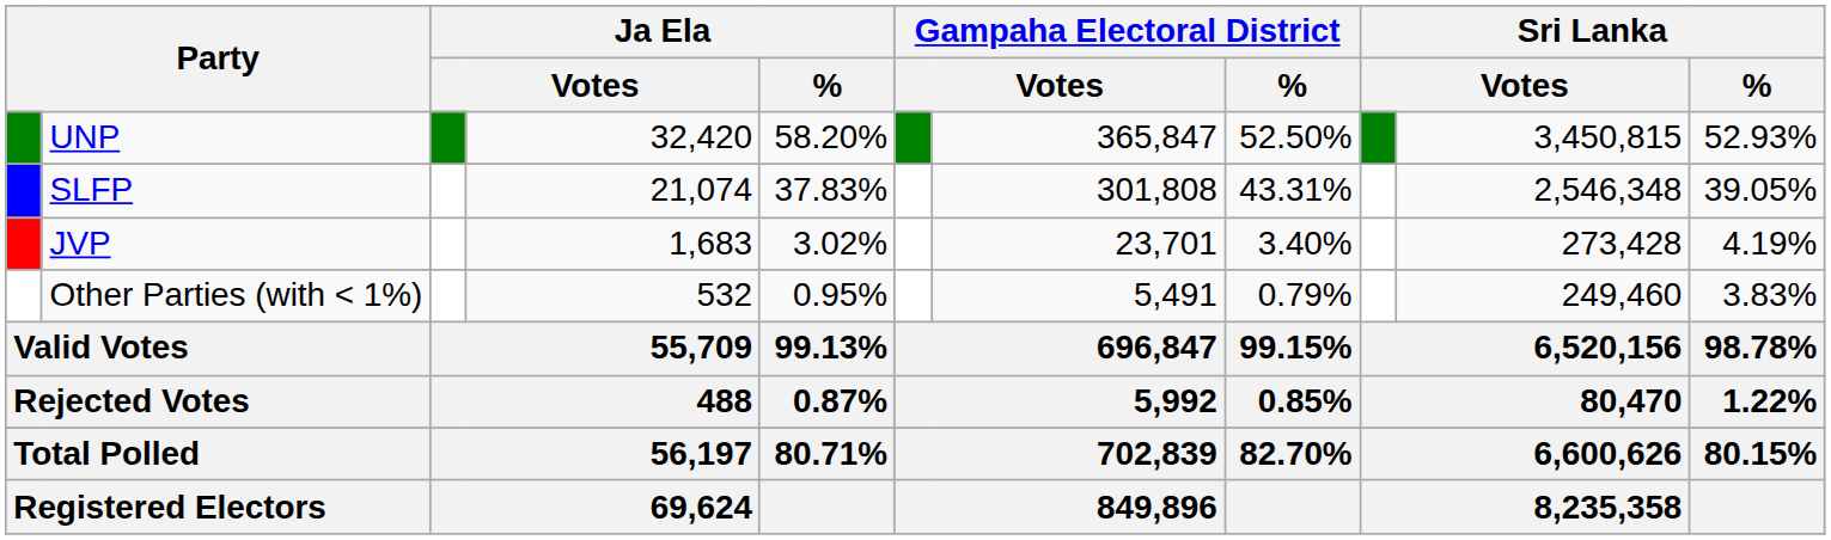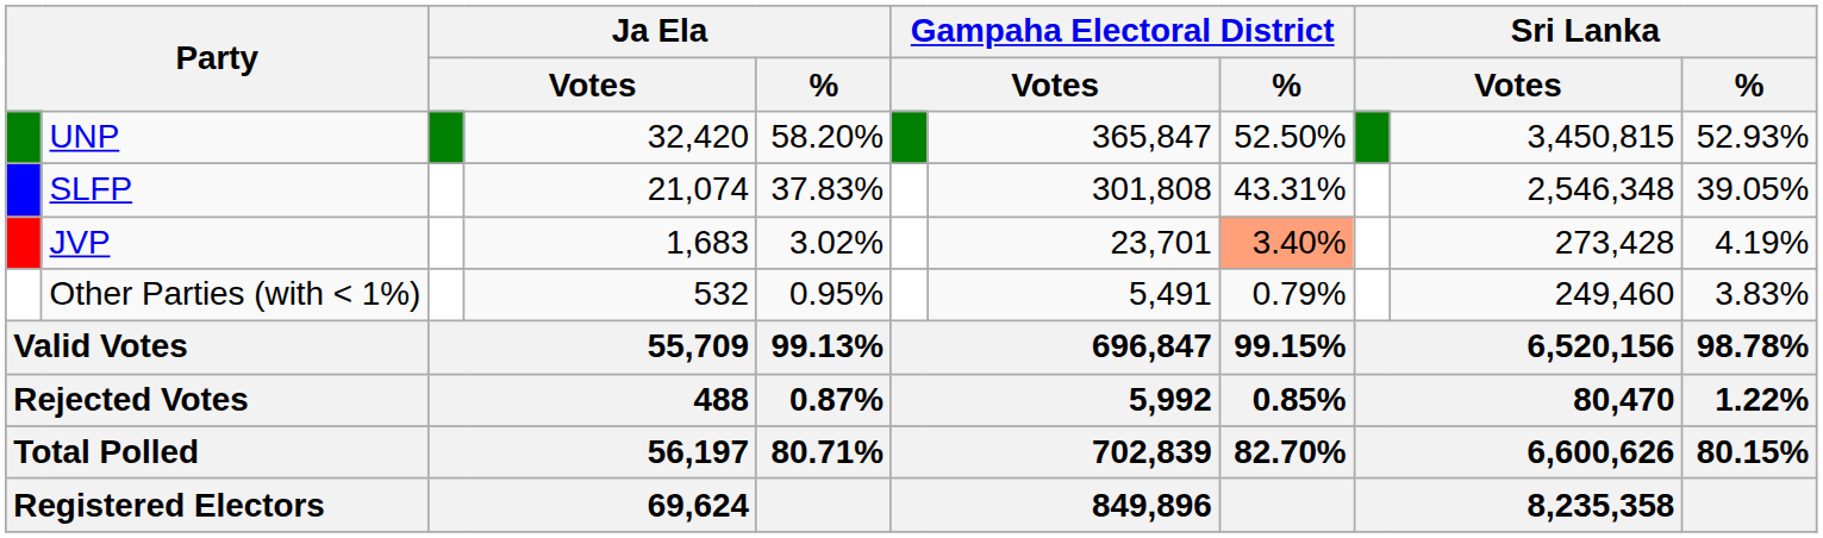 <table class="wikitable">
 <tr>
 <th colspan="2" width="144px"rowspan="2">Party</th>
 <th colspan="3" width="216px">Ja Ela</th>
 <th colspan="3" width="216px"><a href='#'>Gampaha Electoral District</a></th>
 <th colspan="3" width="216px">Sri Lanka</th>
 </tr>
 <tr>
 <th colspan="2" width="144px">Votes</th>
 <th>%</th>
 <th colspan="2" width="144px">Votes</th>
 <th>%</th>
 <th colspan="2" width="144px">Votes</th>
 <th>%</th>
 </tr>
 <tr>
 <td style="background-color:green;" width="10px"></td>
 <td style="text-align:left;"><a href='#'>UNP</a></td>
 <td style="background-color:green;" width="10px"></td>
 <td style="text-align:right;">32,420</td>
 <td style="text-align:right;">58.20%</td>
 <td style="background-color:green;" width="10px"></td>
 <td style="text-align:right;">365,847</td>
 <td style="text-align:right;">52.50%</td>
 <td style="background-color:green;" width="10px"></td>
 <td style="text-align:right;">3,450,815</td>
 <td style="text-align:right;">52.93%</td>
 </tr>
 <tr>
 <td style="background-color:blue;" width="10px"></td>
 <td style="text-align:left;"><a href='#'>SLFP</a></td>
 <td style="background-color:white;" width="10px"></td>
 <td style="text-align:right;">21,074</td>
 <td style="text-align:right;">37.83%</td>
 <td style="background-color:white;" width="10px"></td>
 <td style="text-align:right;">301,808</td>
 <td style="text-align:right;">43.31%</td>
 <td style="background-color:white;" width="10px"></td>
 <td style="text-align:right;">2,546,348</td>
 <td style="text-align:right;">39.05%</td>
 </tr>
 <tr>
 <td style="background-color:red;" width="10px"></td>
 <td style="text-align:left;"><a href='#'>JVP</a></td>
 <td style="background-color:white;" width="10px"></td>
 <td style="text-align:right;">1,683</td>
 <td style="text-align:right;">3.02%</td>
 <td style="background-color:white;" width="10px"></td>
 <td style="text-align:right;">23,701</td>
-<td style="text-align:right;">3.40%</td>
+<td style="background: lightsalmon; text-align:right;">3.40%</td>
 <td style="background-color:white;" width="10px"></td>
 <td style="text-align:right;">273,428</td>
 <td style="text-align:right;">4.19%</td>
 </tr>
 <tr>
 <td style="background-color:white;" width="10px"></td>
 <td style="text-align:left;">Other Parties (with < 1%)</td>
 <td style="background-color:white;" width="10px"></td>
 <td style="text-align:right;">532</td>
 <td style="text-align:right;">0.95%</td>
 <td style="background-color:white;" width="10px"></td>
 <td style="text-align:right;">5,491</td>
 <td style="text-align:right;">0.79%</td>
 <td style="background-color:white;" width="10px"></td>
 <td style="text-align:right;">249,460</td>
 <td style="text-align:right;">3.83%</td>
 </tr>
 <tr>
 <th colspan="2" width="144px"style="text-align:left;">Valid Votes</th>
 <th style="text-align:right;"colspan="2" width="144px">55,709</th>
 <th style="text-align:right;">99.13%</th>
 <th style="text-align:right;"colspan="2" width="144px">696,847</th>
 <th style="text-align:right;">99.15%</th>
 <th style="text-align:right;"colspan="2" width="144px">6,520,156</th>
 <th style="text-align:right;">98.78%</th>
 </tr>
 <tr>
 <th colspan="2" width="144px"style="text-align:left;">Rejected Votes</th>
 <th style="text-align:right;"colspan="2" width="144px">488</th>
 <th style="text-align:right;">0.87%</th>
 <th style="text-align:right;"colspan="2" width="144px">5,992</th>
 <th style="text-align:right;">0.85%</th>
 <th style="text-align:right;"colspan="2" width="144px">80,470</th>
 <th style="text-align:right;">1.22%</th>
 </tr>
 <tr>
 <th colspan="2" width="144px"style="text-align:left;">Total Polled</th>
 <th style="text-align:right;"colspan="2" width="144px">56,197</th>
 <th style="text-align:right;">80.71%</th>
 <th style="text-align:right;"colspan="2" width="144px">702,839</th>
 <th style="text-align:right;">82.70%</th>
 <th style="text-align:right;"colspan="2" width="144px">6,600,626</th>
 <th style="text-align:right;">80.15%</th>
 </tr>
 <tr>
 <th colspan="2" width="144px"style="text-align:left;">Registered Electors</th>
 <th style="text-align:right;"colspan="2" width="144px">69,624</th>
 <th></th>
 <th style="text-align:right;"colspan="2" width="144px">849,896</th>
 <th></th>
 <th style="text-align:right;"colspan="2" width="144px">8,235,358</th>
 <th></th>
 </tr>
 </table>
